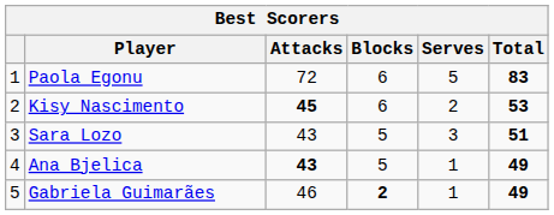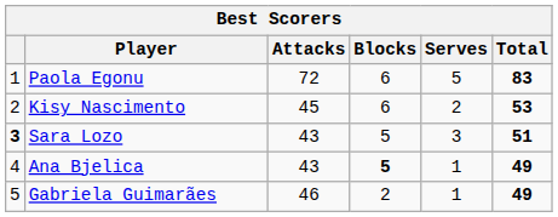 <table class="wikitable sortable" style=font-size:90%>
 <tr>
 <th colspan=6>Best Scorers</th>
 </tr>
 <tr>
 <th></th>
 <th width=158>Player</th>
 <th width=20>Attacks</th>
 <th width=20>Blocks</th>
 <th width=20>Serves</th>
 <th width=20>Total</th>
 </tr>
 <tr>
 <td>1</td>
 <td> <a href='#'>Paola Egonu</a></td>
 <td align=center>72</td>
 <td align=center>6</td>
 <td align=center>5</td>
 <td align=center><strong>83</strong></td>
 </tr>
 <tr>
 <td>2</td>
 <td> <a href='#'>Kisy Nascimento</a></td>
-<td align=center><strong>45</strong></td>
+<td align=center>45</td>
 <td align=center>6</td>
 <td align=center>2</td>
 <td align=center><strong>53</strong></td>
 </tr>
 <tr>
-<td>3</td>
+<td><strong>3</strong></td>
 <td> <a href='#'>Sara Lozo</a></td>
 <td align=center>43</td>
 <td align=center>5</td>
 <td align=center>3</td>
 <td align=center><strong>51</strong></td>
 </tr>
 <tr>
 <td>4</td>
 <td> <a href='#'>Ana Bjelica</a></td>
-<td align=center><strong>43</strong></td>
-<td align=center>5</td>
+<td align=center>43</td>
+<td align=center><strong>5</strong></td>
 <td align=center>1</td>
 <td align=center><strong>49</strong></td>
 </tr>
 <tr>
 <td>5</td>
 <td> <a href='#'>Gabriela Guimarães</a></td>
 <td align=center>46</td>
-<td align=center><strong>2</strong></td>
+<td align=center>2</td>
 <td align=center>1</td>
 <td align=center><strong>49</strong></td>
 </tr>
 </table>
